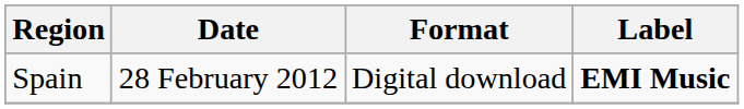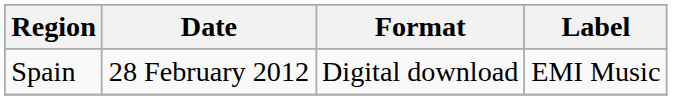 <table class=wikitable>
 <tr>
 <th>Region</th>
 <th>Date</th>
 <th>Format</th>
 <th>Label</th>
 </tr>
 <tr>
 <td>Spain</td>
 <td>28 February 2012</td>
 <td>Digital download</td>
-<td><strong>EMI Music</strong></td>
+<td>EMI Music</td>
 </tr>
 <tr>
 </tr>
 </table>
